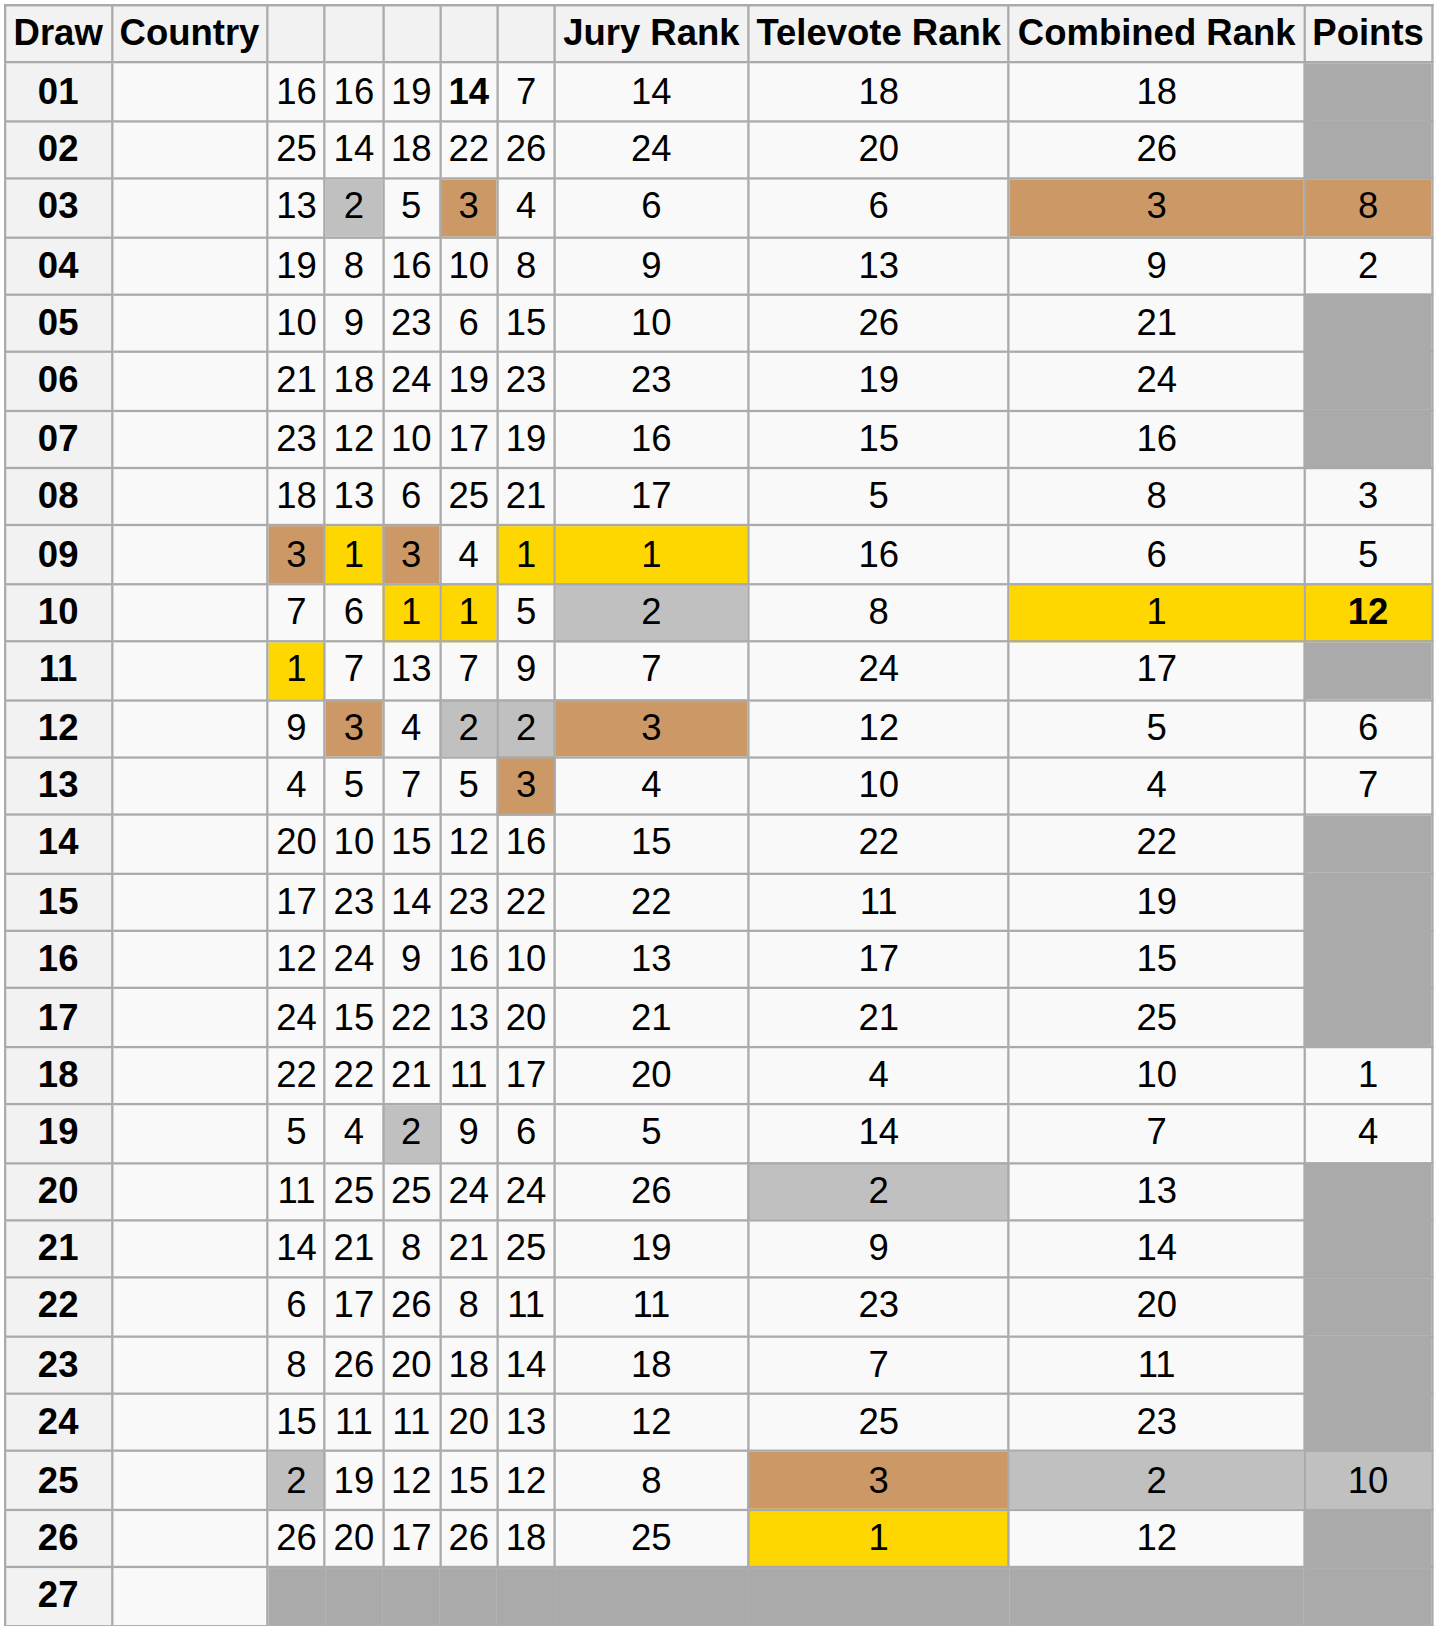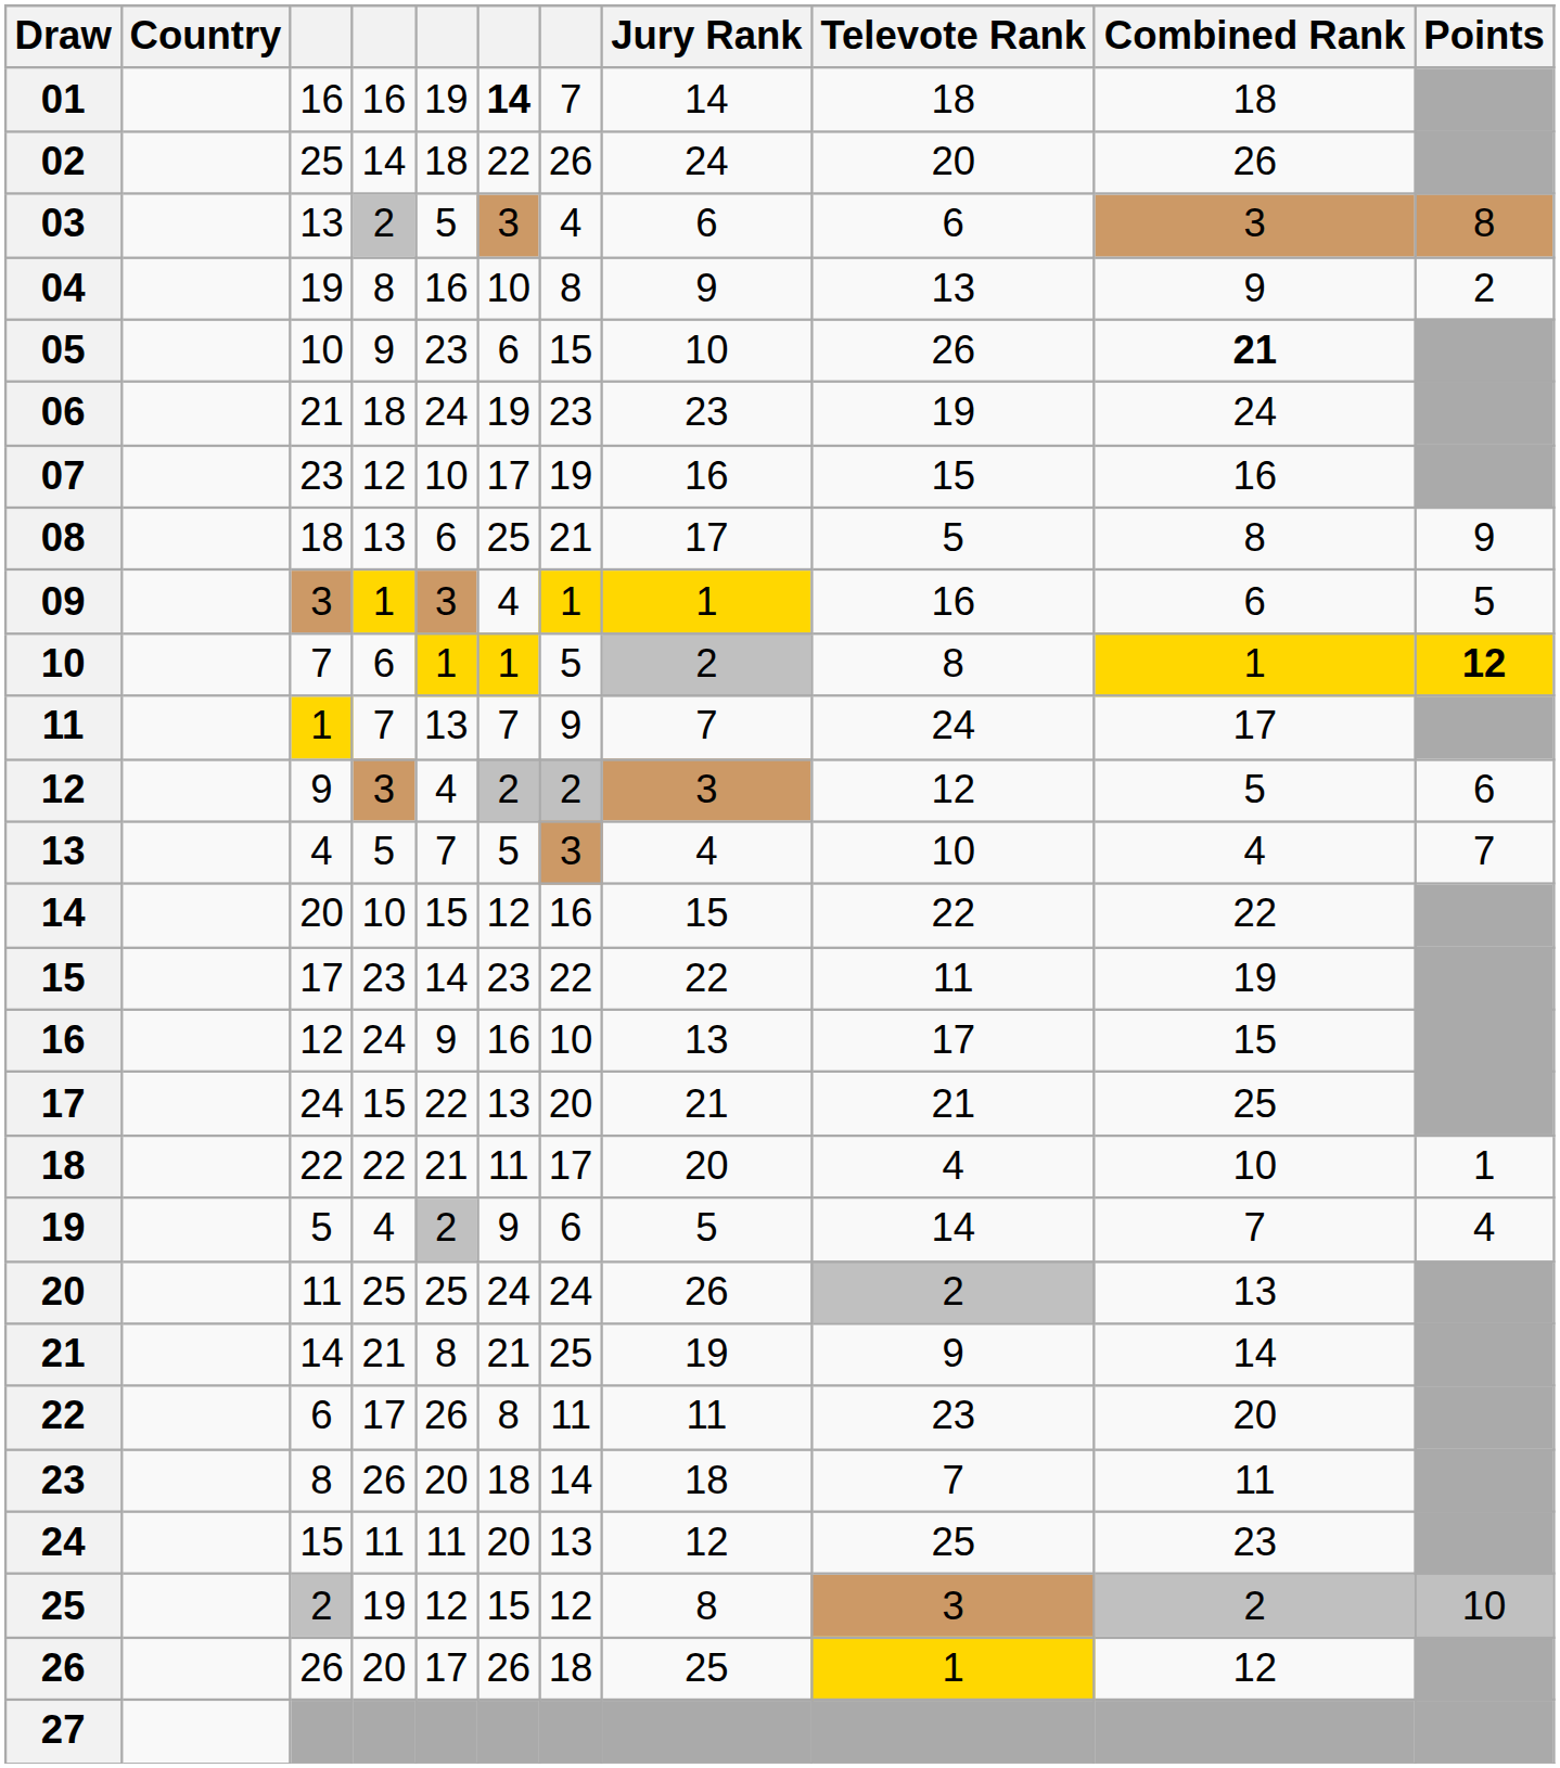 <table class="sortable wikitable collapsible plainrowheaders" style="text-align:center;">
 <tr>
 </tr>
 <tr>
 <th scope="col">Draw</th>
 <th scope="col">Country</th>
 <th scope="col"><small></small></th>
 <th scope="col"><small></small></th>
 <th scope="col"><small></small></th>
 <th scope="col"><small></small></th>
 <th scope="col"><small></small></th>
 <th scope="col">Jury Rank</th>
 <th scope="col">Televote Rank</th>
 <th scope="col">Combined Rank</th>
 <th scope="col">Points</th>
 </tr>
 <tr>
 <th scope="row" style="text-align:center;">01</th>
 <td style="text-align:left;"></td>
 <td>16</td>
 <td>16</td>
 <td>19</td>
 <td><strong>14</strong></td>
 <td>7</td>
 <td>14</td>
 <td>18</td>
 <td>18</td>
 <td style="background:#AAAAAA;"></td>
 </tr>
 <tr>
 <th scope="row" style="text-align:center;">02</th>
 <td style="text-align:left;"></td>
 <td>25</td>
 <td>14</td>
 <td>18</td>
 <td>22</td>
 <td>26</td>
 <td>24</td>
 <td>20</td>
 <td>26</td>
 <td style="background:#AAAAAA;"></td>
 </tr>
 <tr>
 <th scope="row" style="text-align:center;">03</th>
 <td style="text-align:left;"></td>
 <td>13</td>
 <td style="background:silver;">2</td>
 <td>5</td>
 <td style="background:#CC9966;">3</td>
 <td>4</td>
 <td>6</td>
 <td>6</td>
 <td style="background:#CC9966;">3</td>
 <td style="background:#CC9966;">8</td>
 </tr>
 <tr>
 <th scope="row" style="text-align:center;">04</th>
 <td style="text-align:left;"></td>
 <td>19</td>
 <td>8</td>
 <td>16</td>
 <td>10</td>
 <td>8</td>
 <td>9</td>
 <td>13</td>
 <td>9</td>
 <td>2</td>
 </tr>
 <tr>
 <th scope="row" style="text-align:center;">05</th>
 <td style="text-align:left;"></td>
 <td>10</td>
 <td>9</td>
 <td>23</td>
 <td>6</td>
 <td>15</td>
 <td>10</td>
 <td>26</td>
-<td>21</td>
+<td><strong>21</strong></td>
 <td style="background:#AAAAAA;"></td>
 </tr>
 <tr>
 <th scope="row" style="text-align:center;">06</th>
 <td style="text-align:left;"></td>
 <td>21</td>
 <td>18</td>
 <td>24</td>
 <td>19</td>
 <td>23</td>
 <td>23</td>
 <td>19</td>
 <td>24</td>
 <td style="background:#AAAAAA;"></td>
 </tr>
 <tr>
 <th scope="row" style="text-align:center;">07</th>
 <td style="text-align:left;"></td>
 <td>23</td>
 <td>12</td>
 <td>10</td>
 <td>17</td>
 <td>19</td>
 <td>16</td>
 <td>15</td>
 <td>16</td>
 <td style="background:#AAAAAA;"></td>
 </tr>
 <tr>
 <th scope="row" style="text-align:center;">08</th>
 <td style="text-align:left;"></td>
 <td>18</td>
 <td>13</td>
 <td>6</td>
 <td>25</td>
 <td>21</td>
 <td>17</td>
 <td>5</td>
 <td>8</td>
-<td>3</td>
+<td>9</td>
 </tr>
 <tr>
 <th scope="row" style="text-align:center;">09</th>
 <td style="text-align:left;"></td>
 <td style="background:#CC9966;">3</td>
 <td style="background:gold;">1</td>
 <td style="background:#CC9966;">3</td>
 <td>4</td>
 <td style="background:gold;">1</td>
 <td style="background:gold;">1</td>
 <td>16</td>
 <td>6</td>
 <td>5</td>
 </tr>
 <tr>
 <th scope="row" style="text-align:center;">10</th>
 <td style="text-align:left;"></td>
 <td>7</td>
 <td>6</td>
 <td style="background:gold;">1</td>
 <td style="background:gold;">1</td>
 <td>5</td>
 <td style="background:silver;">2</td>
 <td>8</td>
 <td style="background:gold;">1</td>
 <td style="background:gold;"><strong>12</strong></td>
 </tr>
 <tr>
 <th scope="row" style="text-align:center;">11</th>
 <td style="text-align:left;"></td>
 <td style="background:gold;">1</td>
 <td>7</td>
 <td>13</td>
 <td>7</td>
 <td>9</td>
 <td>7</td>
 <td>24</td>
 <td>17</td>
 <td style="background:#AAAAAA;"></td>
 </tr>
 <tr>
 <th scope="row" style="text-align:center;">12</th>
 <td style="text-align:left;"></td>
 <td>9</td>
 <td style="background:#CC9966;">3</td>
 <td>4</td>
 <td style="background:silver;">2</td>
 <td style="background:silver;">2</td>
 <td style="background:#CC9966;">3</td>
 <td>12</td>
 <td>5</td>
 <td>6</td>
 </tr>
 <tr>
 <th scope="row" style="text-align:center;">13</th>
 <td style="text-align:left;"></td>
 <td>4</td>
 <td>5</td>
 <td>7</td>
 <td>5</td>
 <td style="background:#CC9966;">3</td>
 <td>4</td>
 <td>10</td>
 <td>4</td>
 <td>7</td>
 </tr>
 <tr>
 <th scope="row" style="text-align:center;">14</th>
 <td style="text-align:left;"></td>
 <td>20</td>
 <td>10</td>
 <td>15</td>
 <td>12</td>
 <td>16</td>
 <td>15</td>
 <td>22</td>
 <td>22</td>
 <td style="background:#AAAAAA;"></td>
 </tr>
 <tr>
 <th scope="row" style="text-align:center;">15</th>
 <td style="text-align:left;"></td>
 <td>17</td>
 <td>23</td>
 <td>14</td>
 <td>23</td>
 <td>22</td>
 <td>22</td>
 <td>11</td>
 <td>19</td>
 <td style="background:#AAAAAA;"></td>
 </tr>
 <tr>
 <th scope="row" style="text-align:center;">16</th>
 <td style="text-align:left;"></td>
 <td>12</td>
 <td>24</td>
 <td>9</td>
 <td>16</td>
 <td>10</td>
 <td>13</td>
 <td>17</td>
 <td>15</td>
 <td style="background:#AAAAAA;"></td>
 </tr>
 <tr>
 <th scope="row" style="text-align:center;">17</th>
 <td style="text-align:left;"></td>
 <td>24</td>
 <td>15</td>
 <td>22</td>
 <td>13</td>
 <td>20</td>
 <td>21</td>
 <td>21</td>
 <td>25</td>
 <td style="background:#AAAAAA;"></td>
 </tr>
 <tr>
 <th scope="row" style="text-align:center;">18</th>
 <td style="text-align:left;"></td>
 <td>22</td>
 <td>22</td>
 <td>21</td>
 <td>11</td>
 <td>17</td>
 <td>20</td>
 <td>4</td>
 <td>10</td>
 <td>1</td>
 </tr>
 <tr>
 <th scope="row" style="text-align:center;">19</th>
 <td style="text-align:left;"></td>
 <td>5</td>
 <td>4</td>
 <td style="background:silver;">2</td>
 <td>9</td>
 <td>6</td>
 <td>5</td>
 <td>14</td>
 <td>7</td>
 <td>4</td>
 </tr>
 <tr>
 <th scope="row" style="text-align:center;">20</th>
 <td style="text-align:left;"></td>
 <td>11</td>
 <td>25</td>
 <td>25</td>
 <td>24</td>
 <td>24</td>
 <td>26</td>
 <td style="background:silver;">2</td>
 <td>13</td>
 <td style="background:#AAAAAA;"></td>
 </tr>
 <tr>
 <th scope="row" style="text-align:center;">21</th>
 <td style="text-align:left;"></td>
 <td>14</td>
 <td>21</td>
 <td>8</td>
 <td>21</td>
 <td>25</td>
 <td>19</td>
 <td>9</td>
 <td>14</td>
 <td style="background:#AAAAAA;"></td>
 </tr>
 <tr>
 <th scope="row" style="text-align:center;">22</th>
 <td style="text-align:left;"></td>
 <td>6</td>
 <td>17</td>
 <td>26</td>
 <td>8</td>
 <td>11</td>
 <td>11</td>
 <td>23</td>
 <td>20</td>
 <td style="background:#AAAAAA;"></td>
 </tr>
 <tr>
 <th scope="row" style="text-align:center;">23</th>
 <td style="text-align:left;"></td>
 <td>8</td>
 <td>26</td>
 <td>20</td>
 <td>18</td>
 <td>14</td>
 <td>18</td>
 <td>7</td>
 <td>11</td>
 <td style="background:#AAAAAA;"></td>
 </tr>
 <tr>
 <th scope="row" style="text-align:center;">24</th>
 <td style="text-align:left;"></td>
 <td>15</td>
 <td>11</td>
 <td>11</td>
 <td>20</td>
 <td>13</td>
 <td>12</td>
 <td>25</td>
 <td>23</td>
 <td style="background:#AAAAAA;"></td>
 </tr>
 <tr>
 <th scope="row" style="text-align:center;">25</th>
 <td style="text-align:left;"></td>
 <td style="background:silver;">2</td>
 <td>19</td>
 <td>12</td>
 <td>15</td>
 <td>12</td>
 <td>8</td>
 <td style="background:#CC9966;">3</td>
 <td style="background:silver;">2</td>
 <td style="background:silver;">10</td>
 </tr>
 <tr>
 <th scope="row" style="text-align:center;">26</th>
 <td style="text-align:left;"></td>
 <td>26</td>
 <td>20</td>
 <td>17</td>
 <td>26</td>
 <td>18</td>
 <td>25</td>
 <td style="background:gold;">1</td>
 <td>12</td>
 <td style="background:#AAAAAA;"></td>
 </tr>
 <tr class="sortbottom">
 <th scope="row" style="text-align:center;">27</th>
 <td style="text-align:left;"></td>
 <td style="background:#AAAAAA;"></td>
 <td style="background:#AAAAAA;"></td>
 <td style="background:#AAAAAA;"></td>
 <td style="background:#AAAAAA;"></td>
 <td style="background:#AAAAAA;"></td>
 <td style="background:#AAAAAA;"></td>
 <td style="background:#AAAAAA;"></td>
 <td style="background:#AAAAAA;"></td>
 <td style="background:#AAAAAA;"></td>
 </tr>
 </table>
